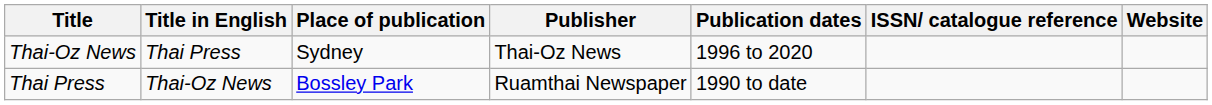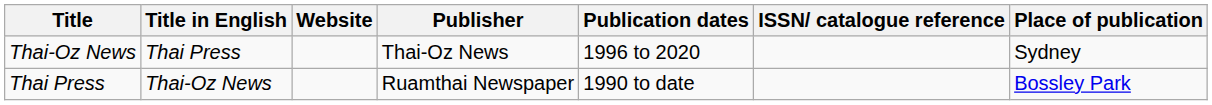 <table class="wikitable sortable">
 <tr>
 <th>Title</th>
 <th>Title in English</th>
-<th>Place of publication</th>
+<th>Website</th>
 <th>Publisher</th>
 <th>Publication dates</th>
 <th>ISSN/ catalogue reference</th>
-<th>Website</th>
+<th>Place of publication</th>
 </tr>
 <tr>
 <td><em>Thai-Oz News</em></td>
 <td><em>Thai Press</em></td>
-<td>Sydney</td>
+<td></td>
 <td>Thai-Oz News</td>
 <td>1996 to 2020</td>
 <td></td>
-<td></td>
+<td>Sydney</td>
 </tr>
 <tr>
 <td><em>Thai Press</em></td>
 <td><em>Thai-Oz News</em></td>
-<td><a href='#'>Bossley Park</a></td>
+<td></td>
 <td>Ruamthai Newspaper</td>
 <td>1990 to date</td>
 <td></td>
-<td></td>
+<td><a href='#'>Bossley Park</a></td>
 </tr>
 </table>
